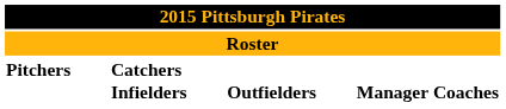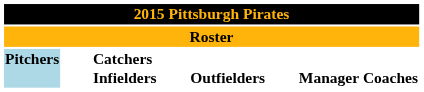 <table class="toccolours" style="font-size: 95%;">
 <tr>
 <th colspan="10" style="background:#000000; color:#FFB40B; text-align:center;"><strong>2015 Pittsburgh Pirates</strong></th>
 </tr>
 <tr>
 <td colspan="10" style="background:#FFB40B; color:#000000; text-align:center;"><strong>Roster</strong></td>
 </tr>
 <tr>
-<td valign="top"><strong>Pitchers</strong><br>                   </td>
+<td valign="top" style="background: lightblue;"><strong>Pitchers</strong><br>                   </td>
 <td style="width:25px;"></td>
 <td valign="top"><strong>Catchers</strong><br>    <strong>Infielders</strong>             </td>
 <td style="width:25px;"></td>
 <td valign="top"><br><strong>Outfielders</strong>          </td>
 <td style="width:25px;"></td>
 <td valign="top"><br><strong>Manager</strong>  <strong>Coaches</strong>                    </td>
 </tr>
 </table>
